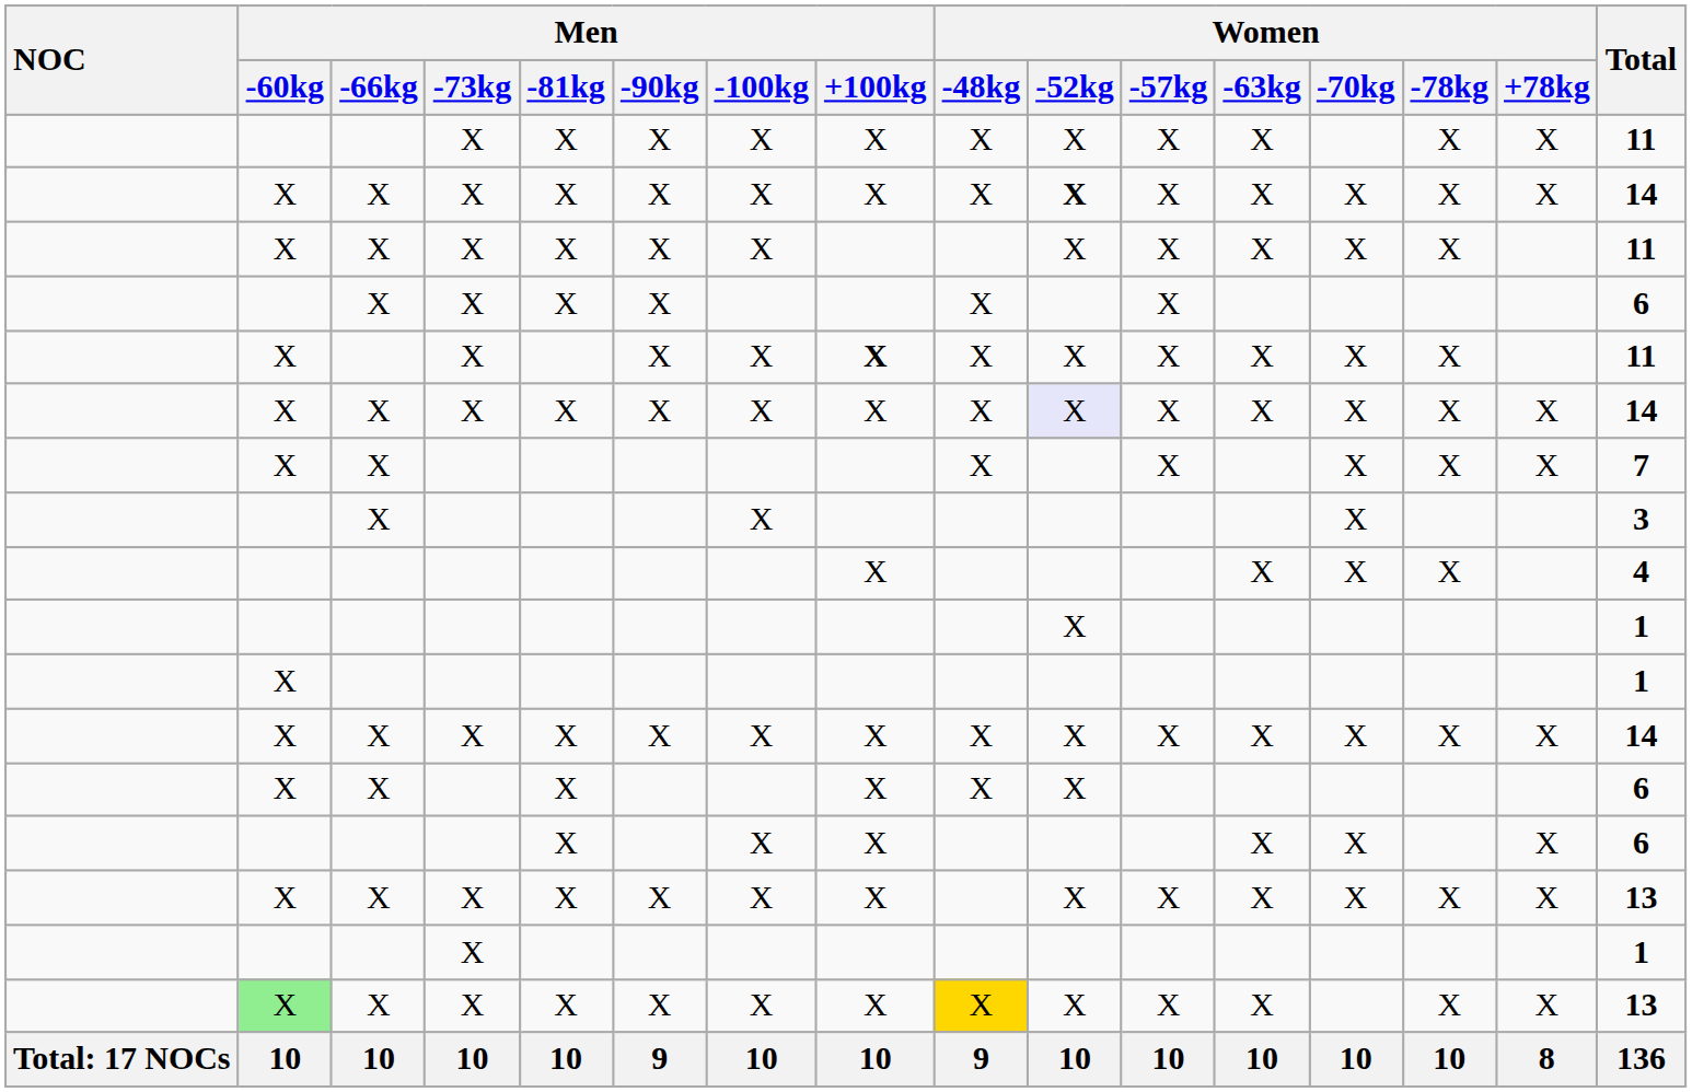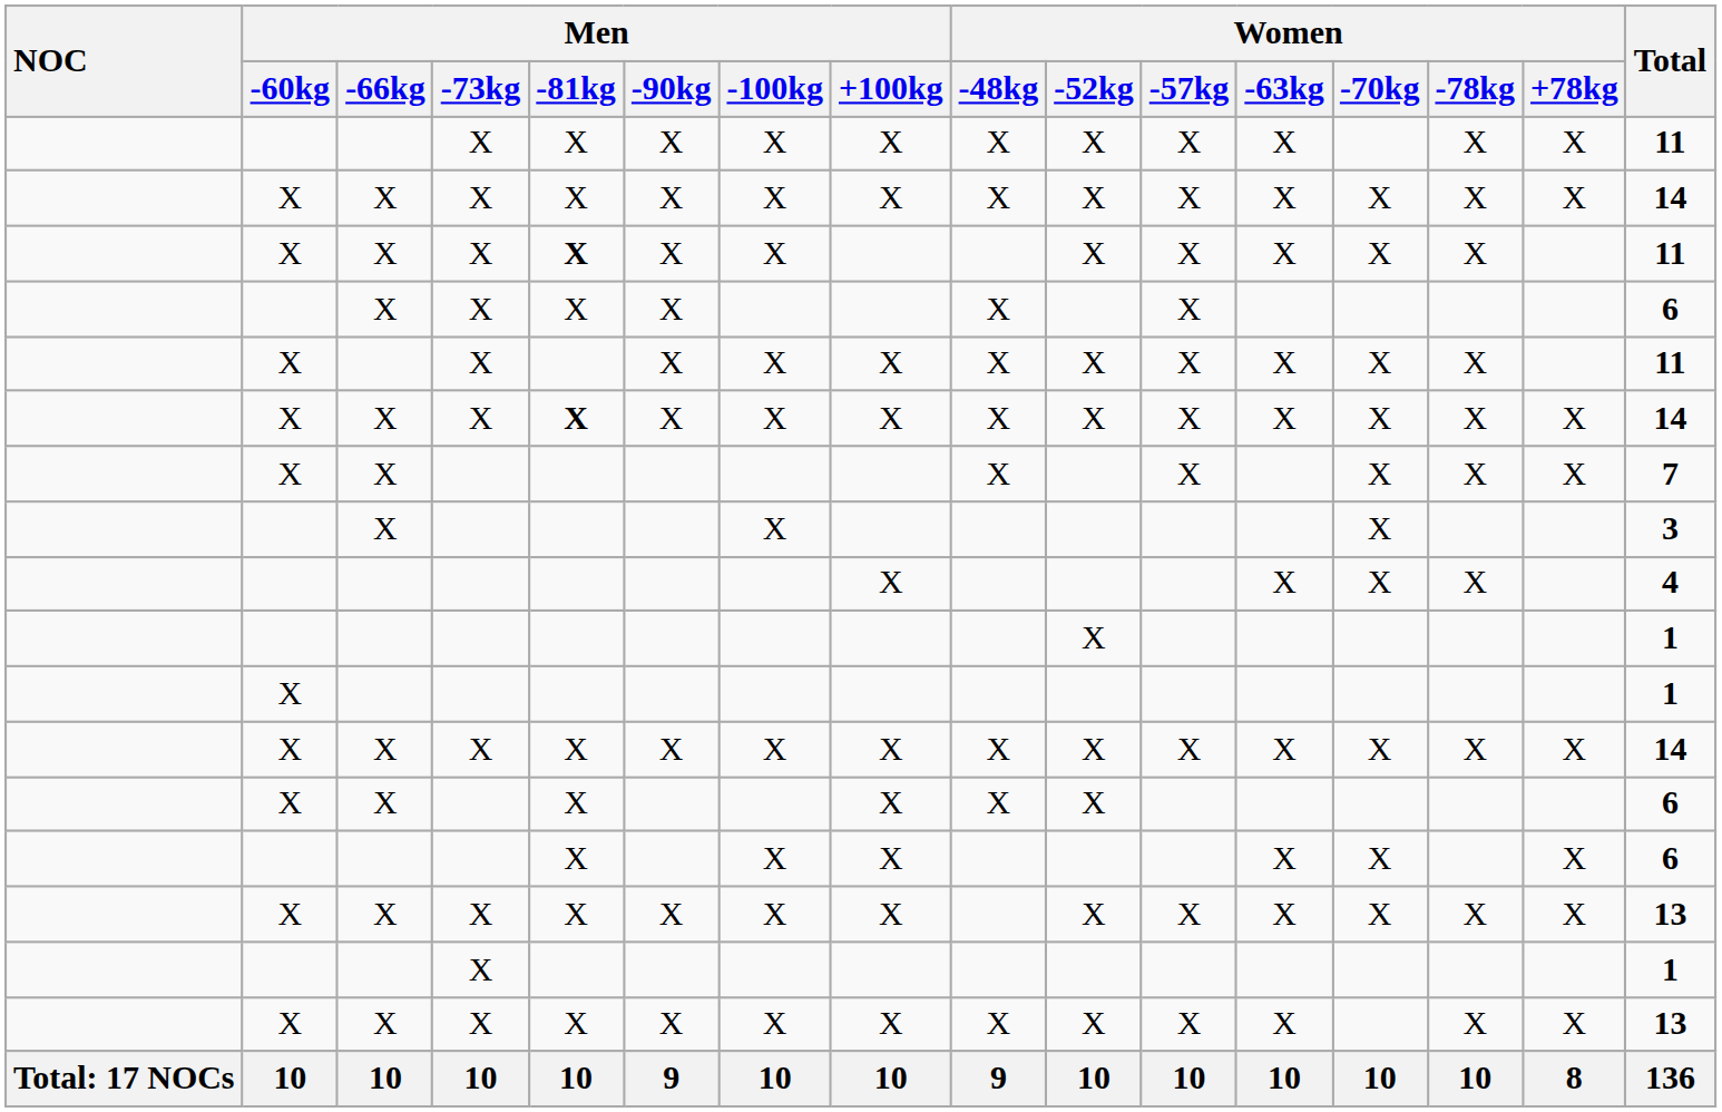 <table class="wikitable" style="text-align:center; font-size:90%">
 <tr>
 <th rowspan="2" style="text-align:left;">NOC</th>
 <th colspan="7">Men</th>
 <th colspan="7">Women</th>
 <th rowspan="2">Total</th>
 </tr>
 <tr>
 <th><a href='#'>-60kg</a></th>
 <th><a href='#'>-66kg</a></th>
 <th><a href='#'>-73kg</a></th>
 <th><a href='#'>-81kg</a></th>
 <th><a href='#'>-90kg</a></th>
 <th><a href='#'>-100kg</a></th>
 <th><a href='#'>+100kg</a></th>
 <th><a href='#'>-48kg</a></th>
 <th><a href='#'>-52kg</a></th>
 <th><a href='#'>-57kg</a></th>
 <th><a href='#'>-63kg</a></th>
 <th><a href='#'>-70kg</a></th>
 <th><a href='#'>-78kg</a></th>
 <th><a href='#'>+78kg</a></th>
 </tr>
 <tr>
 <td style="text-align:left;"></td>
 <td></td>
 <td></td>
 <td>X</td>
 <td>X</td>
 <td>X</td>
 <td>X</td>
 <td>X</td>
 <td>X</td>
 <td>X</td>
 <td>X</td>
 <td>X</td>
 <td></td>
 <td>X</td>
 <td>X</td>
 <td><strong>11</strong></td>
 </tr>
 <tr>
 <td style="text-align:left;"></td>
 <td>X</td>
 <td>X</td>
 <td>X</td>
 <td>X</td>
 <td>X</td>
 <td>X</td>
 <td>X</td>
 <td>X</td>
-<td><strong>X</strong></td>
+<td>X</td>
 <td>X</td>
 <td>X</td>
 <td>X</td>
 <td>X</td>
 <td>X</td>
 <td><strong>14</strong></td>
 </tr>
 <tr>
 <td style="text-align:left;"></td>
 <td>X</td>
 <td>X</td>
 <td>X</td>
-<td>X</td>
+<td><strong>X</strong></td>
 <td>X</td>
 <td>X</td>
 <td></td>
 <td></td>
 <td>X</td>
 <td>X</td>
 <td>X</td>
 <td>X</td>
 <td>X</td>
 <td></td>
 <td><strong>11</strong></td>
 </tr>
 <tr>
 <td style="text-align:left;"></td>
 <td></td>
 <td>X</td>
 <td>X</td>
 <td>X</td>
 <td>X</td>
 <td></td>
 <td></td>
 <td>X</td>
 <td></td>
 <td>X</td>
 <td></td>
 <td></td>
 <td></td>
 <td></td>
 <td><strong>6</strong></td>
 </tr>
 <tr>
 <td style="text-align:left;"></td>
 <td>X</td>
 <td></td>
 <td>X</td>
 <td></td>
 <td>X</td>
 <td>X</td>
-<td><strong>X</strong></td>
+<td>X</td>
 <td>X</td>
 <td>X</td>
 <td>X</td>
 <td>X</td>
 <td>X</td>
 <td>X</td>
 <td></td>
 <td><strong>11</strong></td>
 </tr>
 <tr>
 <td style="text-align:left;"></td>
 <td>X</td>
 <td>X</td>
 <td>X</td>
+<td><strong>X</strong></td>
 <td>X</td>
 <td>X</td>
 <td>X</td>
 <td>X</td>
 <td>X</td>
-<td style="background: lavender;">X</td>
 <td>X</td>
 <td>X</td>
 <td>X</td>
 <td>X</td>
 <td>X</td>
 <td><strong>14</strong></td>
 </tr>
 <tr>
 <td style="text-align:left;"></td>
 <td>X</td>
 <td>X</td>
 <td></td>
 <td></td>
 <td></td>
 <td></td>
 <td></td>
 <td>X</td>
 <td></td>
 <td>X</td>
 <td></td>
 <td>X</td>
 <td>X</td>
 <td>X</td>
 <td><strong>7</strong></td>
 </tr>
 <tr>
 <td style="text-align:left;"></td>
 <td></td>
 <td>X</td>
 <td></td>
 <td></td>
 <td></td>
 <td>X</td>
 <td></td>
 <td></td>
 <td></td>
 <td></td>
 <td></td>
 <td>X</td>
 <td></td>
 <td></td>
 <td><strong>3</strong></td>
 </tr>
 <tr>
 <td style="text-align:left;"></td>
 <td></td>
 <td></td>
 <td></td>
 <td></td>
 <td></td>
 <td></td>
 <td>X</td>
 <td></td>
 <td></td>
 <td></td>
 <td>X</td>
 <td>X</td>
 <td>X</td>
 <td></td>
 <td><strong>4</strong></td>
 </tr>
 <tr>
 <td style="text-align:left;"></td>
 <td></td>
 <td></td>
 <td></td>
 <td></td>
 <td></td>
 <td></td>
 <td></td>
 <td></td>
 <td>X</td>
 <td></td>
 <td></td>
 <td></td>
 <td></td>
 <td></td>
 <td><strong>1</strong></td>
 </tr>
 <tr>
 <td style="text-align:left;"></td>
 <td>X</td>
 <td></td>
 <td></td>
 <td></td>
 <td></td>
 <td></td>
 <td></td>
 <td></td>
 <td></td>
 <td></td>
 <td></td>
 <td></td>
 <td></td>
 <td></td>
 <td><strong>1</strong></td>
 </tr>
 <tr>
 <td style="text-align:left;"></td>
 <td>X</td>
 <td>X</td>
 <td>X</td>
 <td>X</td>
 <td>X</td>
 <td>X</td>
 <td>X</td>
 <td>X</td>
 <td>X</td>
 <td>X</td>
 <td>X</td>
 <td>X</td>
 <td>X</td>
 <td>X</td>
 <td><strong>14</strong></td>
 </tr>
 <tr>
 <td style="text-align:left;"></td>
 <td>X</td>
 <td>X</td>
 <td></td>
 <td>X</td>
 <td></td>
 <td></td>
 <td>X</td>
 <td>X</td>
 <td>X</td>
 <td></td>
 <td></td>
 <td></td>
 <td></td>
 <td></td>
 <td><strong>6</strong></td>
 </tr>
 <tr>
 <td style="text-align:left;"></td>
 <td></td>
 <td></td>
 <td></td>
 <td>X</td>
 <td></td>
 <td>X</td>
 <td>X</td>
 <td></td>
 <td></td>
 <td></td>
 <td>X</td>
 <td>X</td>
 <td></td>
 <td>X</td>
 <td><strong>6</strong></td>
 </tr>
 <tr>
 <td style="text-align:left;"></td>
 <td>X</td>
 <td>X</td>
 <td>X</td>
 <td>X</td>
 <td>X</td>
 <td>X</td>
 <td>X</td>
 <td></td>
 <td>X</td>
 <td>X</td>
 <td>X</td>
 <td>X</td>
 <td>X</td>
 <td>X</td>
 <td><strong>13</strong></td>
 </tr>
 <tr>
 <td style="text-align:left;"></td>
 <td></td>
 <td></td>
 <td>X</td>
 <td></td>
 <td></td>
 <td></td>
 <td></td>
 <td></td>
 <td></td>
 <td></td>
 <td></td>
 <td></td>
 <td></td>
 <td></td>
 <td><strong>1</strong></td>
 </tr>
 <tr>
 <td style="text-align:left;"></td>
-<td style="background: lightgreen;">X</td>
 <td>X</td>
 <td>X</td>
 <td>X</td>
 <td>X</td>
 <td>X</td>
 <td>X</td>
-<td style="background: gold;">X</td>
+<td>X</td>
+<td>X</td>
 <td>X</td>
 <td>X</td>
 <td>X</td>
 <td></td>
 <td>X</td>
 <td>X</td>
 <td><strong>13</strong></td>
 </tr>
 <tr>
 <th>Total: 17 NOCs</th>
 <th>10</th>
 <th>10</th>
 <th>10</th>
 <th>10</th>
 <th>9</th>
 <th>10</th>
 <th>10</th>
 <th>9</th>
 <th>10</th>
 <th>10</th>
 <th>10</th>
 <th>10</th>
 <th>10</th>
 <th>8</th>
 <th>136</th>
 </tr>
 </table>
